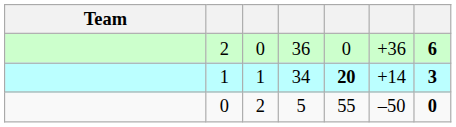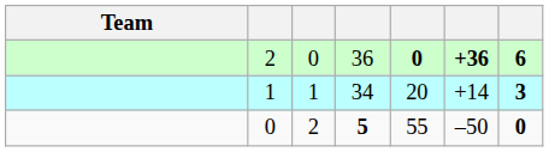 <table class="wikitable" style="text-align:center;">
 <tr>
 <th style="width:10.5em;">Team</th>
 <th style="width:1.5em;"></th>
 <th style="width:1.5em;"></th>
 <th style="width:2.0em;"></th>
 <th style="width:2.0em;"></th>
 <th style="width:2.0em;"></th>
 <th style="width:1.5em;"></th>
 </tr>
 <tr bgcolor=#cfc>
 <td align="left"></td>
 <td>2</td>
 <td>0</td>
 <td>36</td>
-<td>0</td>
-<td>+36</td>
+<td><strong>0</strong></td>
+<td><strong>+36</strong></td>
 <td><strong>6</strong></td>
 </tr>
 <tr bgcolor="#bff">
 <td align="left"></td>
 <td>1</td>
 <td>1</td>
 <td>34</td>
-<td><strong>20</strong></td>
+<td>20</td>
 <td>+14</td>
 <td><strong>3</strong></td>
 </tr>
 <tr>
 <td align="left"></td>
 <td>0</td>
 <td>2</td>
-<td>5</td>
+<td><strong>5</strong></td>
 <td>55</td>
 <td>–50</td>
 <td><strong>0</strong></td>
 </tr>
 </table>
